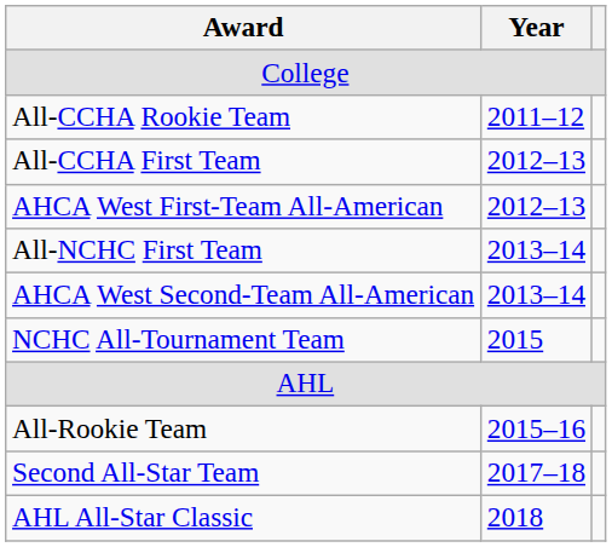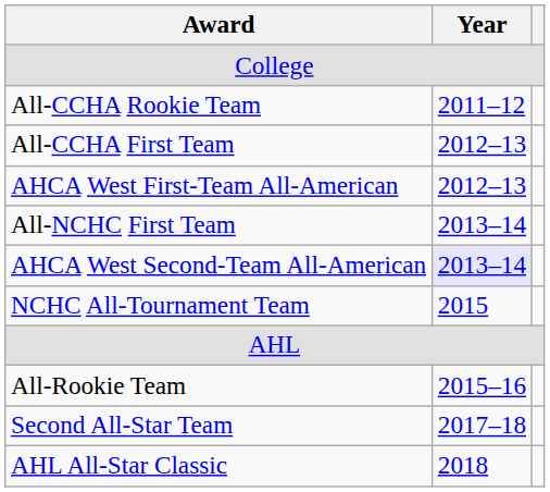 <table class="wikitable">
 <tr>
 <th>Award</th>
 <th>Year</th>
 <th></th>
 </tr>
 <tr ALIGN="center" bgcolor="#e0e0e0">
 <td colspan="3"><a href='#'>College</a></td>
 </tr>
 <tr>
 <td>All-<a href='#'>CCHA</a> <a href='#'>Rookie Team</a></td>
 <td><a href='#'>2011–12</a></td>
 <td></td>
 </tr>
 <tr>
 <td>All-<a href='#'>CCHA</a> <a href='#'>First Team</a></td>
 <td><a href='#'>2012–13</a></td>
 <td></td>
 </tr>
 <tr>
 <td><a href='#'>AHCA</a> <a href='#'>West First-Team All-American</a></td>
 <td><a href='#'>2012–13</a></td>
 <td></td>
 </tr>
 <tr>
 <td>All-<a href='#'>NCHC</a> <a href='#'>First Team</a></td>
 <td><a href='#'>2013–14</a></td>
 <td></td>
 </tr>
 <tr>
 <td><a href='#'>AHCA</a> <a href='#'>West Second-Team All-American</a></td>
-<td><a href='#'>2013–14</a></td>
+<td style="background: lavender;"><a href='#'>2013–14</a></td>
 <td></td>
 </tr>
 <tr>
 <td><a href='#'>NCHC</a> <a href='#'>All-Tournament Team</a></td>
 <td><a href='#'>2015</a></td>
 <td></td>
 </tr>
 <tr ALIGN="center" bgcolor="#e0e0e0">
 <td colspan="3"><a href='#'>AHL</a></td>
 </tr>
 <tr>
 <td>All-Rookie Team</td>
 <td><a href='#'>2015–16</a></td>
 <td></td>
 </tr>
 <tr>
 <td><a href='#'>Second All-Star Team</a></td>
 <td><a href='#'>2017–18</a></td>
 <td></td>
 </tr>
 <tr>
 <td><a href='#'>AHL All-Star Classic</a></td>
 <td><a href='#'>2018</a></td>
 <td></td>
 </tr>
 </table>
